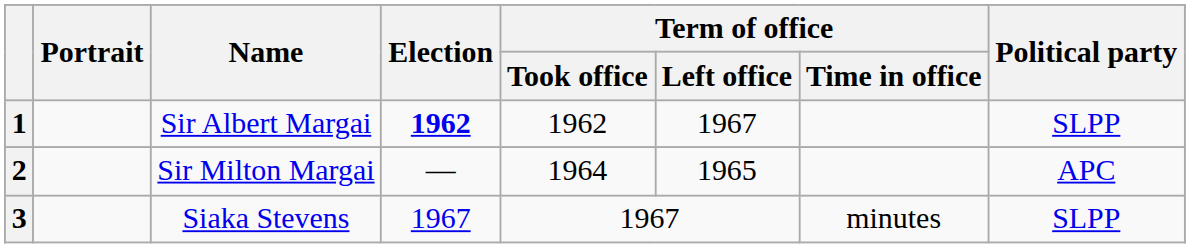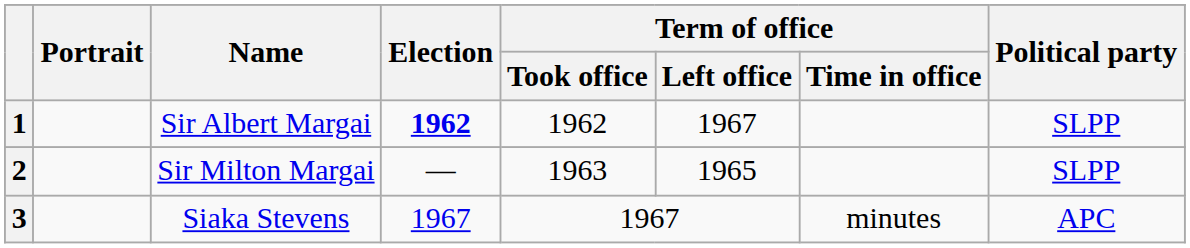 <table class="wikitable" style="text-align:center">
 <tr>
 <th rowspan="2"></th>
 <th rowspan="2">Portrait</th>
 <th rowspan="2">Name<br></th>
 <th rowspan="2">Election</th>
 <th colspan="3">Term of office</th>
 <th rowspan="2">Political party</th>
 </tr>
 <tr>
 <th>Took office</th>
 <th>Left office</th>
 <th>Time in office</th>
 </tr>
 <tr>
 <th style="background:">1</th>
 <td></td>
 <td><a href='#'>Sir Albert Margai</a><br></td>
 <td><strong><a href='#'>1962</a></strong></td>
 <td> 1962</td>
 <td> 1967</td>
 <td></td>
 <td><a href='#'>SLPP</a></td>
 </tr>
 <tr>
 <th style="background:">2</th>
 <td></td>
 <td><a href='#'>Sir Milton Margai</a><br></td>
 <td>—</td>
-<td> 1964</td>
+<td> 1963</td>
 <td> 1965</td>
 <td></td>
-<td><a href='#'>APC</a></td>
+<td><a href='#'>SLPP</a></td>
 </tr>
 <tr>
 <th style="background:">3</th>
 <td></td>
 <td><a href='#'>Siaka Stevens</a><br></td>
 <td><a href='#'>1967</a></td>
 <td colspan=2> 1967<br></td>
 <td>minutes</td>
-<td><a href='#'>SLPP</a></td>
+<td><a href='#'>APC</a></td>
 </tr>
 </table>
